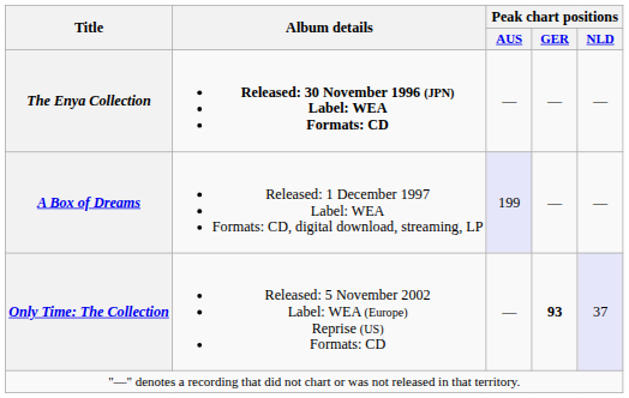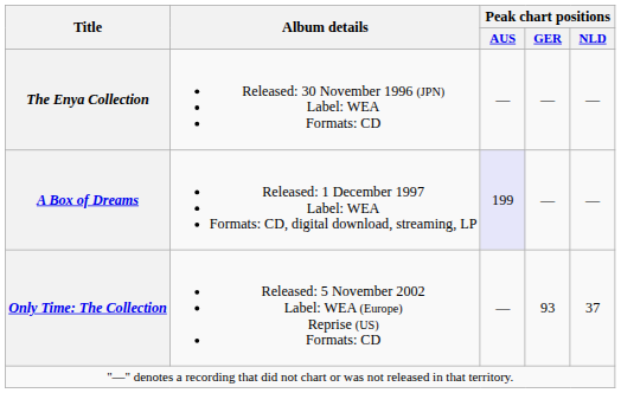 <table class="wikitable plainrowheaders" style="text-align:center;">
 <tr>
 <th rowspan="2">Title</th>
 <th rowspan="2">Album details</th>
 <th colspan="3">Peak chart positions</th>
 </tr>
 <tr>
 <th scope="col" style="width:3em;font-size:90%;"><a href='#'>AUS</a><br></th>
 <th scope="col" style="width:3em;font-size:90%;"><a href='#'>GER</a><br></th>
 <th scope="col" style="width:3em;font-size:90%;"><a href='#'>NLD</a><br></th>
 </tr>
 <tr>
 <th scope="row"><em>The Enya Collection</em></th>
-<td><strong><br><ul><li>Released: 30 November 1996 <small>(JPN)</small></li><li>Label: WEA</li><li>Formats: CD</li></ul></strong></td>
+<td><br><ul><li>Released: 30 November 1996 <small>(JPN)</small></li><li>Label: WEA</li><li>Formats: CD</li></ul></td>
 <td>—</td>
 <td>—</td>
 <td>—</td>
 </tr>
 <tr>
 <th scope="row"><em><a href='#'>A Box of Dreams</a></em></th>
 <td><br><ul><li>Released: 1 December 1997</li><li>Label: WEA</li><li>Formats: CD, digital download, streaming, LP</li></ul></td>
 <td style="background: lavender;">199</td>
 <td>—</td>
 <td>—</td>
 </tr>
 <tr>
 <th scope="row"><em><a href='#'>Only Time: The Collection</a></em></th>
 <td><br><ul><li>Released: 5 November 2002</li><li>Label: WEA <small>(Europe)</small><br> Reprise <small>(US)</small></li><li>Formats: CD</li></ul></td>
 <td>—</td>
-<td><strong>93</strong></td>
-<td style="background: lavender;">37</td>
+<td>93</td>
+<td>37</td>
 </tr>
 <tr>
 <td colspan="14" style="font-size:90%">"—" denotes a recording that did not chart or was not released in that territory.</td>
 </tr>
 </table>
